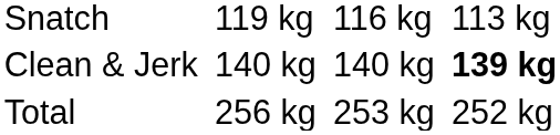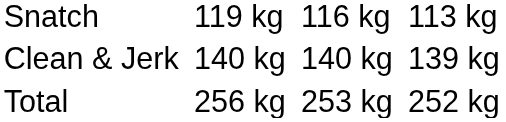 <table>
 <tr>
 <td>Snatch</td>
 <td></td>
 <td>119 kg</td>
 <td></td>
 <td>116 kg</td>
 <td></td>
 <td>113 kg</td>
 </tr>
 <tr>
 <td>Clean & Jerk</td>
 <td></td>
 <td>140 kg</td>
 <td></td>
 <td>140 kg</td>
 <td></td>
-<td><strong>139 kg</strong></td>
+<td>139 kg</td>
 </tr>
 <tr>
 <td>Total</td>
 <td></td>
 <td>256 kg</td>
 <td></td>
 <td>253 kg</td>
 <td></td>
 <td>252 kg</td>
 </tr>
 </table>
